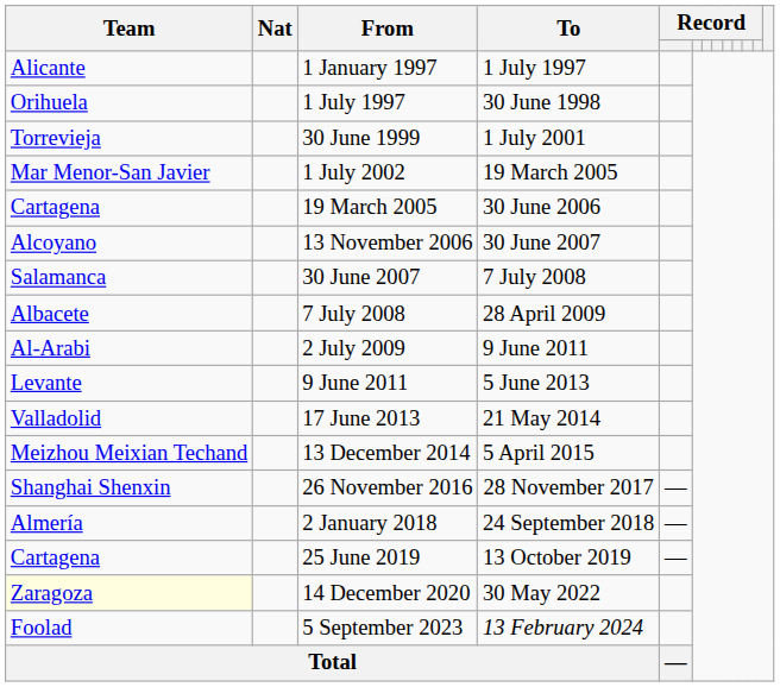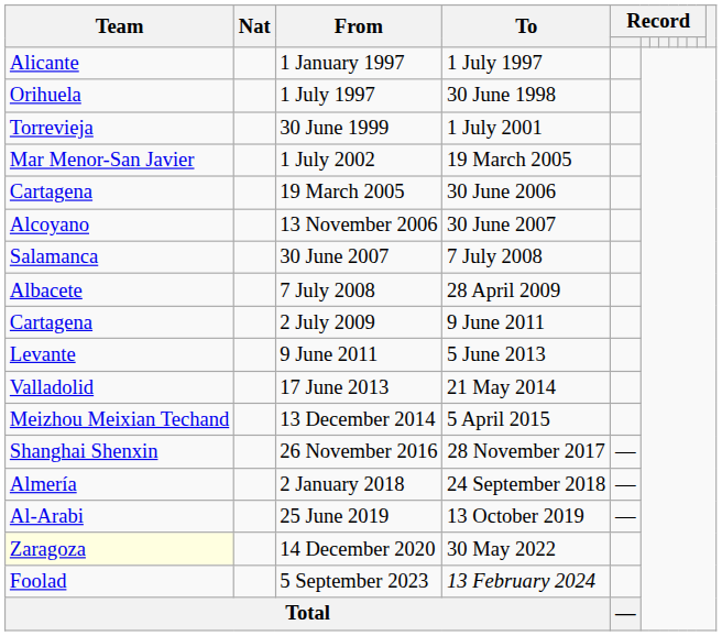 <table class="wikitable" style="text-align: center">
 <tr>
 <th rowspan="2">Team</th>
 <th rowspan="2">Nat</th>
 <th rowspan="2">From</th>
 <th rowspan="2">To</th>
 <th colspan="8">Record</th>
 <th rowspan=2></th>
 </tr>
 <tr>
 <th></th>
 <th></th>
 <th></th>
 <th></th>
 <th></th>
 <th></th>
 <th></th>
 <th></th>
 </tr>
 <tr>
 <td align="left"><a href='#'>Alicante</a></td>
 <td></td>
 <td align="left">1 January 1997</td>
 <td align="left">1 July 1997<br></td>
 <td></td>
 </tr>
 <tr>
 <td align="left"><a href='#'>Orihuela</a></td>
 <td></td>
 <td align="left">1 July 1997</td>
 <td align="left">30 June 1998<br></td>
 <td></td>
 </tr>
 <tr>
 <td align="left"><a href='#'>Torrevieja</a></td>
 <td></td>
 <td align="left">30 June 1999</td>
 <td align="left">1 July 2001<br></td>
 <td></td>
 </tr>
 <tr>
 <td align="left"><a href='#'>Mar Menor-San Javier</a></td>
 <td></td>
 <td align="left">1 July 2002</td>
 <td align="left">19 March 2005<br></td>
 <td></td>
 </tr>
 <tr>
 <td align="left"><a href='#'>Cartagena</a></td>
 <td></td>
 <td align="left">19 March 2005</td>
 <td align="left">30 June 2006<br></td>
 <td></td>
 </tr>
 <tr>
 <td align="left"><a href='#'>Alcoyano</a></td>
 <td></td>
 <td align="left">13 November 2006</td>
 <td align="left">30 June 2007<br></td>
 <td></td>
 </tr>
 <tr>
 <td align="left"><a href='#'>Salamanca</a></td>
 <td></td>
 <td align="left">30 June 2007</td>
 <td align="left">7 July 2008<br></td>
 <td></td>
 </tr>
 <tr>
 <td align="left"><a href='#'>Albacete</a></td>
 <td></td>
 <td align="left">7 July 2008</td>
 <td align="left">28 April 2009<br></td>
 <td></td>
 </tr>
 <tr>
-<td align="left"><a href='#'>Al-Arabi</a></td>
+<td align="left"><a href='#'>Cartagena</a></td>
 <td></td>
 <td align="left">2 July 2009</td>
 <td align="left">9 June 2011<br></td>
 <td></td>
 </tr>
 <tr>
 <td align="left"><a href='#'>Levante</a></td>
 <td></td>
 <td align="left">9 June 2011</td>
 <td align="left">5 June 2013<br></td>
 <td></td>
 </tr>
 <tr>
 <td align="left"><a href='#'>Valladolid</a></td>
 <td></td>
 <td align="left">17 June 2013</td>
 <td align="left">21 May 2014<br></td>
 <td></td>
 </tr>
 <tr>
 <td align="left"><a href='#'>Meizhou Meixian Techand</a></td>
 <td></td>
 <td align="left">13 December 2014</td>
 <td align="left">5 April 2015<br></td>
 <td></td>
 </tr>
 <tr>
 <td align="left"><a href='#'>Shanghai Shenxin</a></td>
 <td></td>
 <td align="left">26 November 2016</td>
 <td alogn="left">28 November 2017<br></td>
 <td>—</td>
 </tr>
 <tr>
 <td align="left"><a href='#'>Almería</a></td>
 <td></td>
 <td align="left">2 January 2018</td>
 <td align="left">24 September 2018<br></td>
 <td>—</td>
 </tr>
 <tr>
-<td align="left"><a href='#'>Cartagena</a></td>
+<td align="left"><a href='#'>Al-Arabi</a></td>
 <td></td>
 <td align="left">25 June 2019</td>
 <td align="left">13 October 2019<br></td>
 <td>—</td>
 </tr>
 <tr>
 <td align="left" style="background: lightyellow;"><a href='#'>Zaragoza</a></td>
 <td></td>
 <td align="left">14 December 2020</td>
 <td align="left">30 May 2022<br></td>
 <td></td>
 </tr>
 <tr>
 <td align="left"><a href='#'>Foolad</a></td>
 <td></td>
 <td align="left">5 September 2023</td>
 <td align="left"><em>13 February 2024</em><br></td>
 <td></td>
 </tr>
 <tr>
 <th colspan="4">Total<br></th>
 <th>—</th>
 </tr>
 </table>
